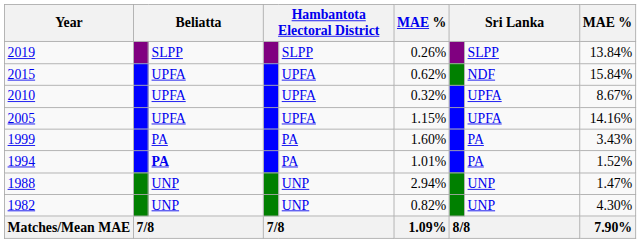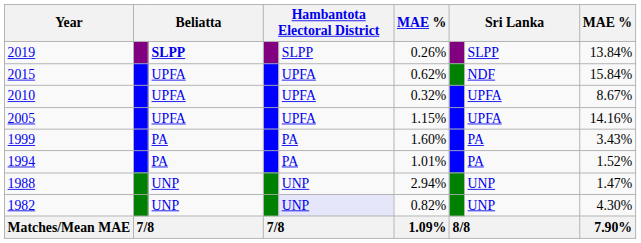 <table class="wikitable">
 <tr>
 <th>Year</th>
 <th colspan="2" width="144px">Beliatta</th>
 <th colspan="2" width="144px"><a href='#'>Hambantota Electoral District</a></th>
 <th><a href='#'>MAE</a> %</th>
 <th colspan="2" width="144px">Sri Lanka</th>
 <th>MAE %</th>
 </tr>
 <tr>
 <td><a href='#'>2019</a></td>
 <td style="background-color:purple;" width="10px"></td>
-<td style="text-align:left;"><a href='#'>SLPP</a></td>
+<td style="text-align:left;"><strong><a href='#'>SLPP</a></strong></td>
 <td style="background-color:purple;" width="10px"></td>
 <td style="text-align:left;"><a href='#'>SLPP</a></td>
 <td style="text-align:right;">0.26%</td>
 <td style="background-color:purple;" width="10px"></td>
 <td style="text-align:left;"><a href='#'>SLPP</a></td>
 <td style="text-align:right;">13.84%</td>
 </tr>
 <tr>
 <td><a href='#'>2015</a></td>
 <td style="background-color:blue;" width="10px"></td>
 <td style="text-align:left;"><a href='#'>UPFA</a></td>
 <td style="background-color:blue;" width="10px"></td>
 <td style="text-align:left;"><a href='#'>UPFA</a></td>
 <td style="text-align:right;">0.62%</td>
 <td style="background-color:green;" width="10px"></td>
 <td style="text-align:left;"><a href='#'>NDF</a></td>
 <td style="text-align:right;">15.84%</td>
 </tr>
 <tr>
 <td><a href='#'>2010</a></td>
 <td style="background-color:blue;" width="10px"></td>
 <td style="text-align:left;"><a href='#'>UPFA</a></td>
 <td style="background-color:blue;" width="10px"></td>
 <td style="text-align:left;"><a href='#'>UPFA</a></td>
 <td style="text-align:right;">0.32%</td>
 <td style="background-color:blue;" width="10px"></td>
 <td style="text-align:left;"><a href='#'>UPFA</a></td>
 <td style="text-align:right;">8.67%</td>
 </tr>
 <tr>
 <td><a href='#'>2005</a></td>
 <td style="background-color:blue;" width="10px"></td>
 <td style="text-align:left;"><a href='#'>UPFA</a></td>
 <td style="background-color:blue;" width="10px"></td>
 <td style="text-align:left;"><a href='#'>UPFA</a></td>
 <td style="text-align:right;">1.15%</td>
 <td style="background-color:blue;" width="10px"></td>
 <td style="text-align:left;"><a href='#'>UPFA</a></td>
 <td style="text-align:right;">14.16%</td>
 </tr>
 <tr>
 <td><a href='#'>1999</a></td>
 <td style="background-color:blue;" width="10px"></td>
 <td style="text-align:left;"><a href='#'>PA</a></td>
 <td style="background-color:blue;" width="10px"></td>
 <td style="text-align:left;"><a href='#'>PA</a></td>
 <td style="text-align:right;">1.60%</td>
 <td style="background-color:blue;" width="10px"></td>
 <td style="text-align:left;"><a href='#'>PA</a></td>
 <td style="text-align:right;">3.43%</td>
 </tr>
 <tr>
 <td><a href='#'>1994</a></td>
 <td style="background-color:blue;" width="10px"></td>
-<td style="text-align:left;"><strong><a href='#'>PA</a></strong></td>
+<td style="text-align:left;"><a href='#'>PA</a></td>
 <td style="background-color:blue;" width="10px"></td>
 <td style="text-align:left;"><a href='#'>PA</a></td>
 <td style="text-align:right;">1.01%</td>
 <td style="background-color:blue;" width="10px"></td>
 <td style="text-align:left;"><a href='#'>PA</a></td>
 <td style="text-align:right;">1.52%</td>
 </tr>
 <tr>
 <td><a href='#'>1988</a></td>
 <td style="background-color:green;" width="10px"></td>
 <td style="text-align:left;"><a href='#'>UNP</a></td>
 <td style="background-color:green;" width="10px"></td>
 <td style="text-align:left;"><a href='#'>UNP</a></td>
 <td style="text-align:right;">2.94%</td>
 <td style="background-color:green;" width="10px"></td>
 <td style="text-align:left;"><a href='#'>UNP</a></td>
 <td style="text-align:right;">1.47%</td>
 </tr>
 <tr>
 <td><a href='#'>1982</a></td>
 <td style="background-color:green;" width="10px"></td>
 <td style="text-align:left;"><a href='#'>UNP</a></td>
 <td style="background-color:green;" width="10px"></td>
-<td style="text-align:left;"><a href='#'>UNP</a></td>
+<td style="background: lavender; text-align:left;"><a href='#'>UNP</a></td>
 <td style="text-align:right;">0.82%</td>
 <td style="background-color:green;" width="10px"></td>
 <td style="text-align:left;"><a href='#'>UNP</a></td>
 <td style="text-align:right;">4.30%</td>
 </tr>
 <tr>
 <th>Matches/Mean MAE</th>
 <th style="text-align:left;"colspan="2" width="144px">7/8</th>
 <th style="text-align:left;"colspan="2" width="144px">7/8</th>
 <th style="text-align:right;">1.09%</th>
 <th style="text-align:left;"colspan="2" width="144px">8/8</th>
 <th style="text-align:right;">7.90%</th>
 </tr>
 </table>
